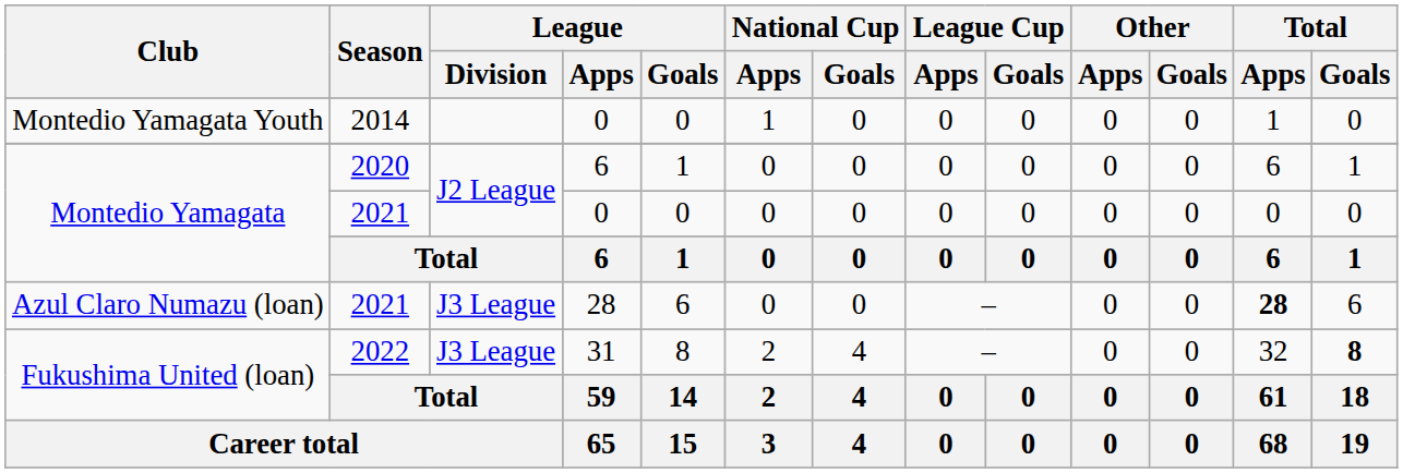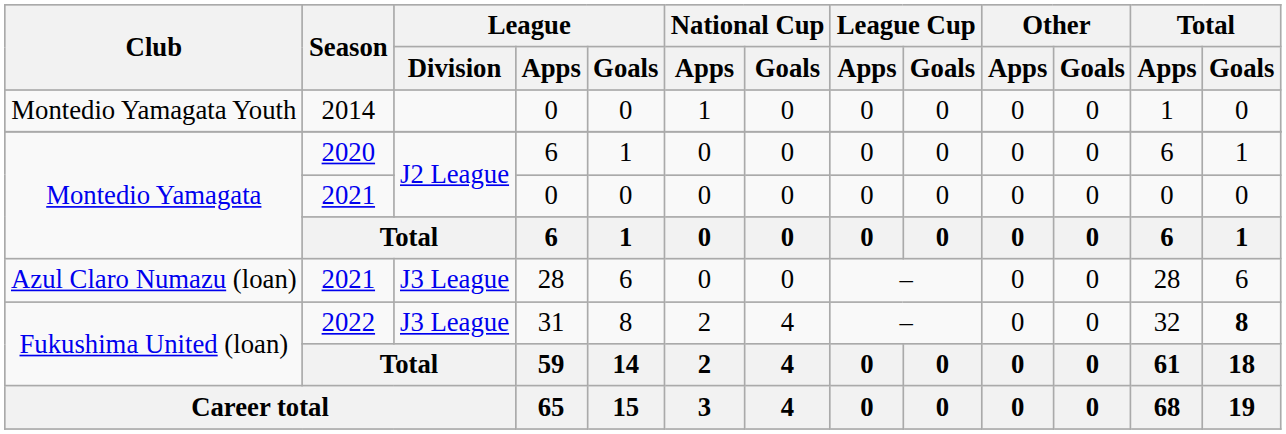 <table class="wikitable" style="text-align: center">
 <tr>
 <th rowspan="2">Club</th>
 <th rowspan="2">Season</th>
 <th colspan="3">League</th>
 <th colspan="2">National Cup</th>
 <th colspan="2">League Cup</th>
 <th colspan="2">Other</th>
 <th colspan="2">Total</th>
 </tr>
 <tr>
 <th>Division</th>
 <th>Apps</th>
 <th>Goals</th>
 <th>Apps</th>
 <th>Goals</th>
 <th>Apps</th>
 <th>Goals</th>
 <th>Apps</th>
 <th>Goals</th>
 <th>Apps</th>
 <th>Goals</th>
 </tr>
 <tr>
 <td rowspan="1">Montedio Yamagata Youth</td>
 <td>2014</td>
 <td></td>
 <td>0</td>
 <td>0</td>
 <td>1</td>
 <td>0</td>
 <td>0</td>
 <td>0</td>
 <td>0</td>
 <td>0</td>
 <td>1</td>
 <td>0</td>
 </tr>
 <tr>
 </tr>
 <tr>
 <td rowspan="3"><a href='#'>Montedio Yamagata</a></td>
 <td><a href='#'>2020</a></td>
 <td rowspan="2"><a href='#'>J2 League</a></td>
 <td>6</td>
 <td>1</td>
 <td>0</td>
 <td>0</td>
 <td>0</td>
 <td>0</td>
 <td>0</td>
 <td>0</td>
 <td>6</td>
 <td>1</td>
 </tr>
 <tr>
 <td><a href='#'>2021</a></td>
 <td>0</td>
 <td>0</td>
 <td>0</td>
 <td>0</td>
 <td>0</td>
 <td>0</td>
 <td>0</td>
 <td>0</td>
 <td>0</td>
 <td>0</td>
 </tr>
 <tr>
 <th colspan=2>Total</th>
 <th>6</th>
 <th>1</th>
 <th>0</th>
 <th>0</th>
 <th>0</th>
 <th>0</th>
 <th>0</th>
 <th>0</th>
 <th>6</th>
 <th>1</th>
 </tr>
 <tr>
 <td><a href='#'>Azul Claro Numazu</a> (loan)</td>
 <td><a href='#'>2021</a></td>
 <td><a href='#'>J3 League</a></td>
 <td>28</td>
 <td>6</td>
 <td>0</td>
 <td>0</td>
 <td colspan="2">–</td>
 <td>0</td>
 <td>0</td>
-<td><strong>28</strong></td>
+<td>28</td>
 <td>6</td>
 </tr>
 <tr>
 <td rowspan="2"><a href='#'>Fukushima United</a> (loan)</td>
 <td><a href='#'>2022</a></td>
 <td><a href='#'>J3 League</a></td>
 <td>31</td>
 <td>8</td>
 <td>2</td>
 <td>4</td>
 <td colspan="2">–</td>
 <td>0</td>
 <td>0</td>
 <td>32</td>
 <td><strong>8</strong></td>
 </tr>
 <tr>
 <th colspan=2>Total</th>
 <th>59</th>
 <th>14</th>
 <th>2</th>
 <th>4</th>
 <th>0</th>
 <th>0</th>
 <th>0</th>
 <th>0</th>
 <th>61</th>
 <th>18</th>
 </tr>
 <tr>
 <th colspan=3>Career total</th>
 <th>65</th>
 <th>15</th>
 <th>3</th>
 <th>4</th>
 <th>0</th>
 <th>0</th>
 <th>0</th>
 <th>0</th>
 <th>68</th>
 <th>19</th>
 </tr>
 </table>
